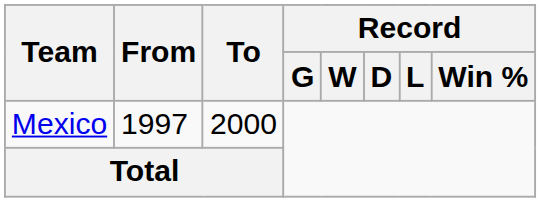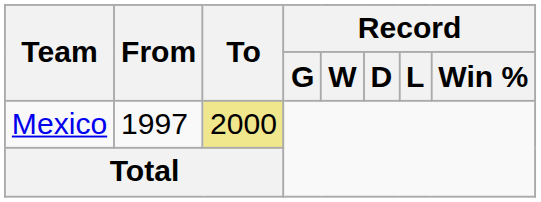 <table class="wikitable" style="text-align: center">
 <tr>
 <th rowspan="2">Team</th>
 <th rowspan="2">From</th>
 <th rowspan="2">To</th>
 <th colspan="5">Record</th>
 </tr>
 <tr>
 <th>G</th>
 <th>W</th>
 <th>D</th>
 <th>L</th>
 <th>Win %</th>
 </tr>
 <tr>
 <td align="left"><a href='#'>Mexico</a></td>
 <td align="left">1997</td>
-<td align="left">2000<br></td>
+<td align="left" style="background: khaki;">2000<br></td>
 </tr>
 <tr>
 <th colspan="3">Total<br></th>
 </tr>
 </table>
